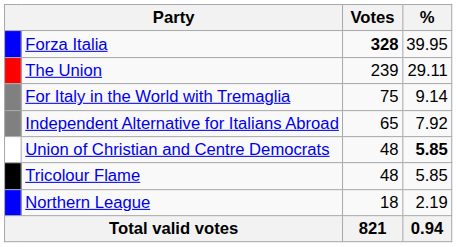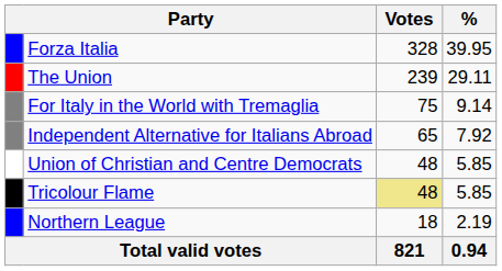 <table class="wikitable">
 <tr>
 <th colspan="2" style="width: 130px">Party</th>
 <th style="width: 50px">Votes</th>
 <th style="width: 40px">%</th>
 </tr>
 <tr>
 <td style="background-color:blue">  </td>
 <td style="text-align: left"><a href='#'>Forza Italia</a></td>
-<td style="text-align: right"><strong>328</strong></td>
+<td style="text-align: right">328</td>
 <td style="text-align: right">39.95</td>
 </tr>
 <tr>
 <td style="background-color:red">  </td>
 <td style="text-align: left"><a href='#'>The Union</a></td>
 <td style="text-align: right">239</td>
 <td style="text-align: right">29.11</td>
 </tr>
 <tr>
 <td style="background-color:grey">  </td>
 <td style="text-align: left"><a href='#'>For Italy in the World with Tremaglia</a></td>
 <td align="right">75</td>
 <td align="right">9.14</td>
 </tr>
 <tr>
 <td style="background-color:grey">  </td>
 <td style="text-align: left"><a href='#'>Independent Alternative for Italians Abroad</a></td>
 <td align="right">65</td>
 <td align="right">7.92</td>
 </tr>
 <tr>
 <td style="background-color:white">  </td>
 <td style="text-align: left"><a href='#'>Union of Christian and Centre Democrats</a></td>
 <td align="right">48</td>
-<td align="right"><strong>5.85</strong></td>
+<td align="right">5.85</td>
 </tr>
 <tr>
 <td style="background-color:black">  </td>
 <td style="text-align: left"><a href='#'>Tricolour Flame</a></td>
-<td align="right">48</td>
+<td align="right" style="background: khaki;">48</td>
 <td align="right">5.85</td>
 </tr>
 <tr>
 <td style="background-color:blue">  </td>
 <td style="text-align: left"><a href='#'>Northern League</a></td>
 <td align="right">18</td>
 <td align="right">2.19</td>
 </tr>
 <tr bgcolor="white">
 <th align="right" colspan=2>Total valid votes</th>
 <th align="right">821</th>
 <th align="right">0.94</th>
 </tr>
 </table>
